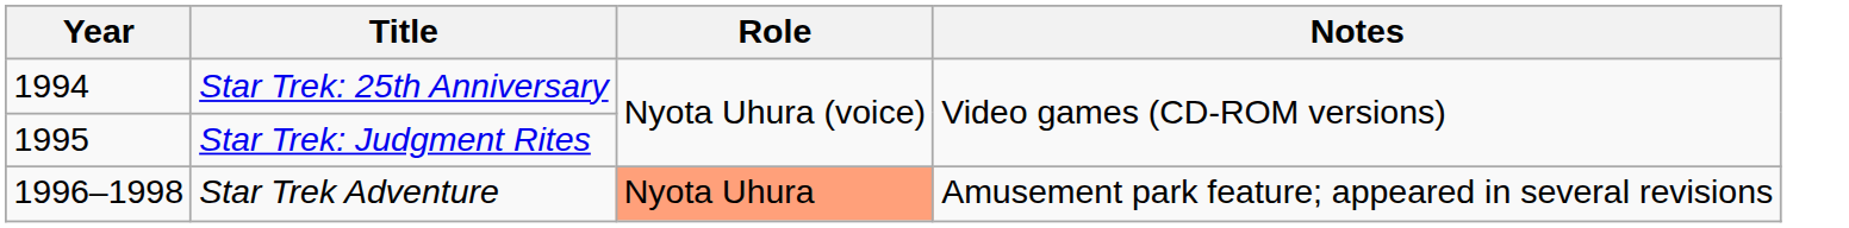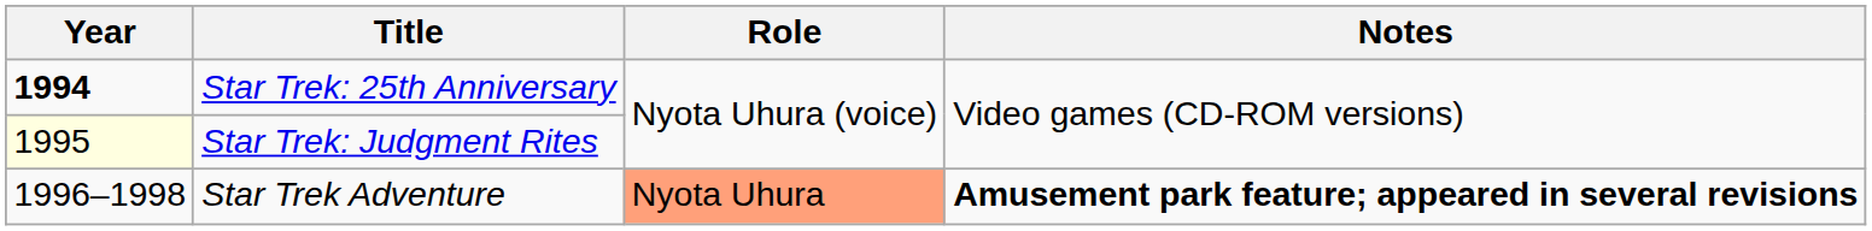 <table class="wikitable">
 <tr>
 <th>Year</th>
 <th>Title</th>
 <th>Role</th>
 <th>Notes</th>
 </tr>
 <tr>
-<td>1994</td>
+<td><strong>1994</strong></td>
 <td><em><a href='#'>Star Trek: 25th Anniversary</a></em></td>
 <td rowspan=2>Nyota Uhura (voice)</td>
 <td rowspan=2>Video games (CD-ROM versions)</td>
 </tr>
 <tr>
-<td>1995</td>
+<td style="background: lightyellow;">1995</td>
 <td><em><a href='#'>Star Trek: Judgment Rites</a></em></td>
 </tr>
 <tr>
 <td>1996–1998</td>
 <td><em>Star Trek Adventure</em></td>
 <td style="background: lightsalmon;">Nyota Uhura</td>
-<td>Amusement park feature; appeared in several revisions</td>
+<td><strong>Amusement park feature; appeared in several revisions</strong></td>
 </tr>
 </table>
